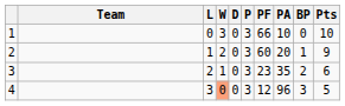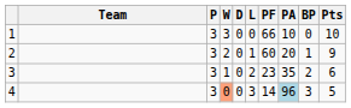 <table class="wikitable" style="text-align:center;">
 <tr>
 <th></th>
 <th width="200px">Team</th>
-<th>L</th>
+<th>P</th>
 <th>W</th>
 <th>D</th>
-<th>P</th>
+<th>L</th>
 <th>PF</th>
 <th>PA</th>
 <th>BP</th>
 <th>Pts</th>
 </tr>
 <tr>
 <td>1</td>
 <td></td>
-<td>0</td>
+<td>3</td>
 <td>3</td>
 <td>0</td>
-<td>3</td>
+<td>0</td>
 <td>66</td>
 <td>10</td>
 <td>0</td>
 <td>10</td>
 </tr>
 <tr>
 <td>2</td>
 <td></td>
-<td>1</td>
+<td>3</td>
 <td>2</td>
 <td>0</td>
-<td>3</td>
+<td>1</td>
 <td>60</td>
 <td>20</td>
 <td>1</td>
 <td>9</td>
 </tr>
 <tr>
 <td>3</td>
 <td></td>
-<td>2</td>
+<td>3</td>
 <td>1</td>
 <td>0</td>
-<td>3</td>
+<td>2</td>
 <td>23</td>
 <td>35</td>
 <td>2</td>
 <td>6</td>
 </tr>
 <tr>
 <td>4</td>
 <td></td>
 <td>3</td>
 <td style="background: lightsalmon;">0</td>
 <td>0</td>
 <td>3</td>
-<td>12</td>
-<td>96</td>
+<td>14</td>
+<td style="background: lightblue;">96</td>
 <td>3</td>
 <td>5</td>
 </tr>
 </table>
